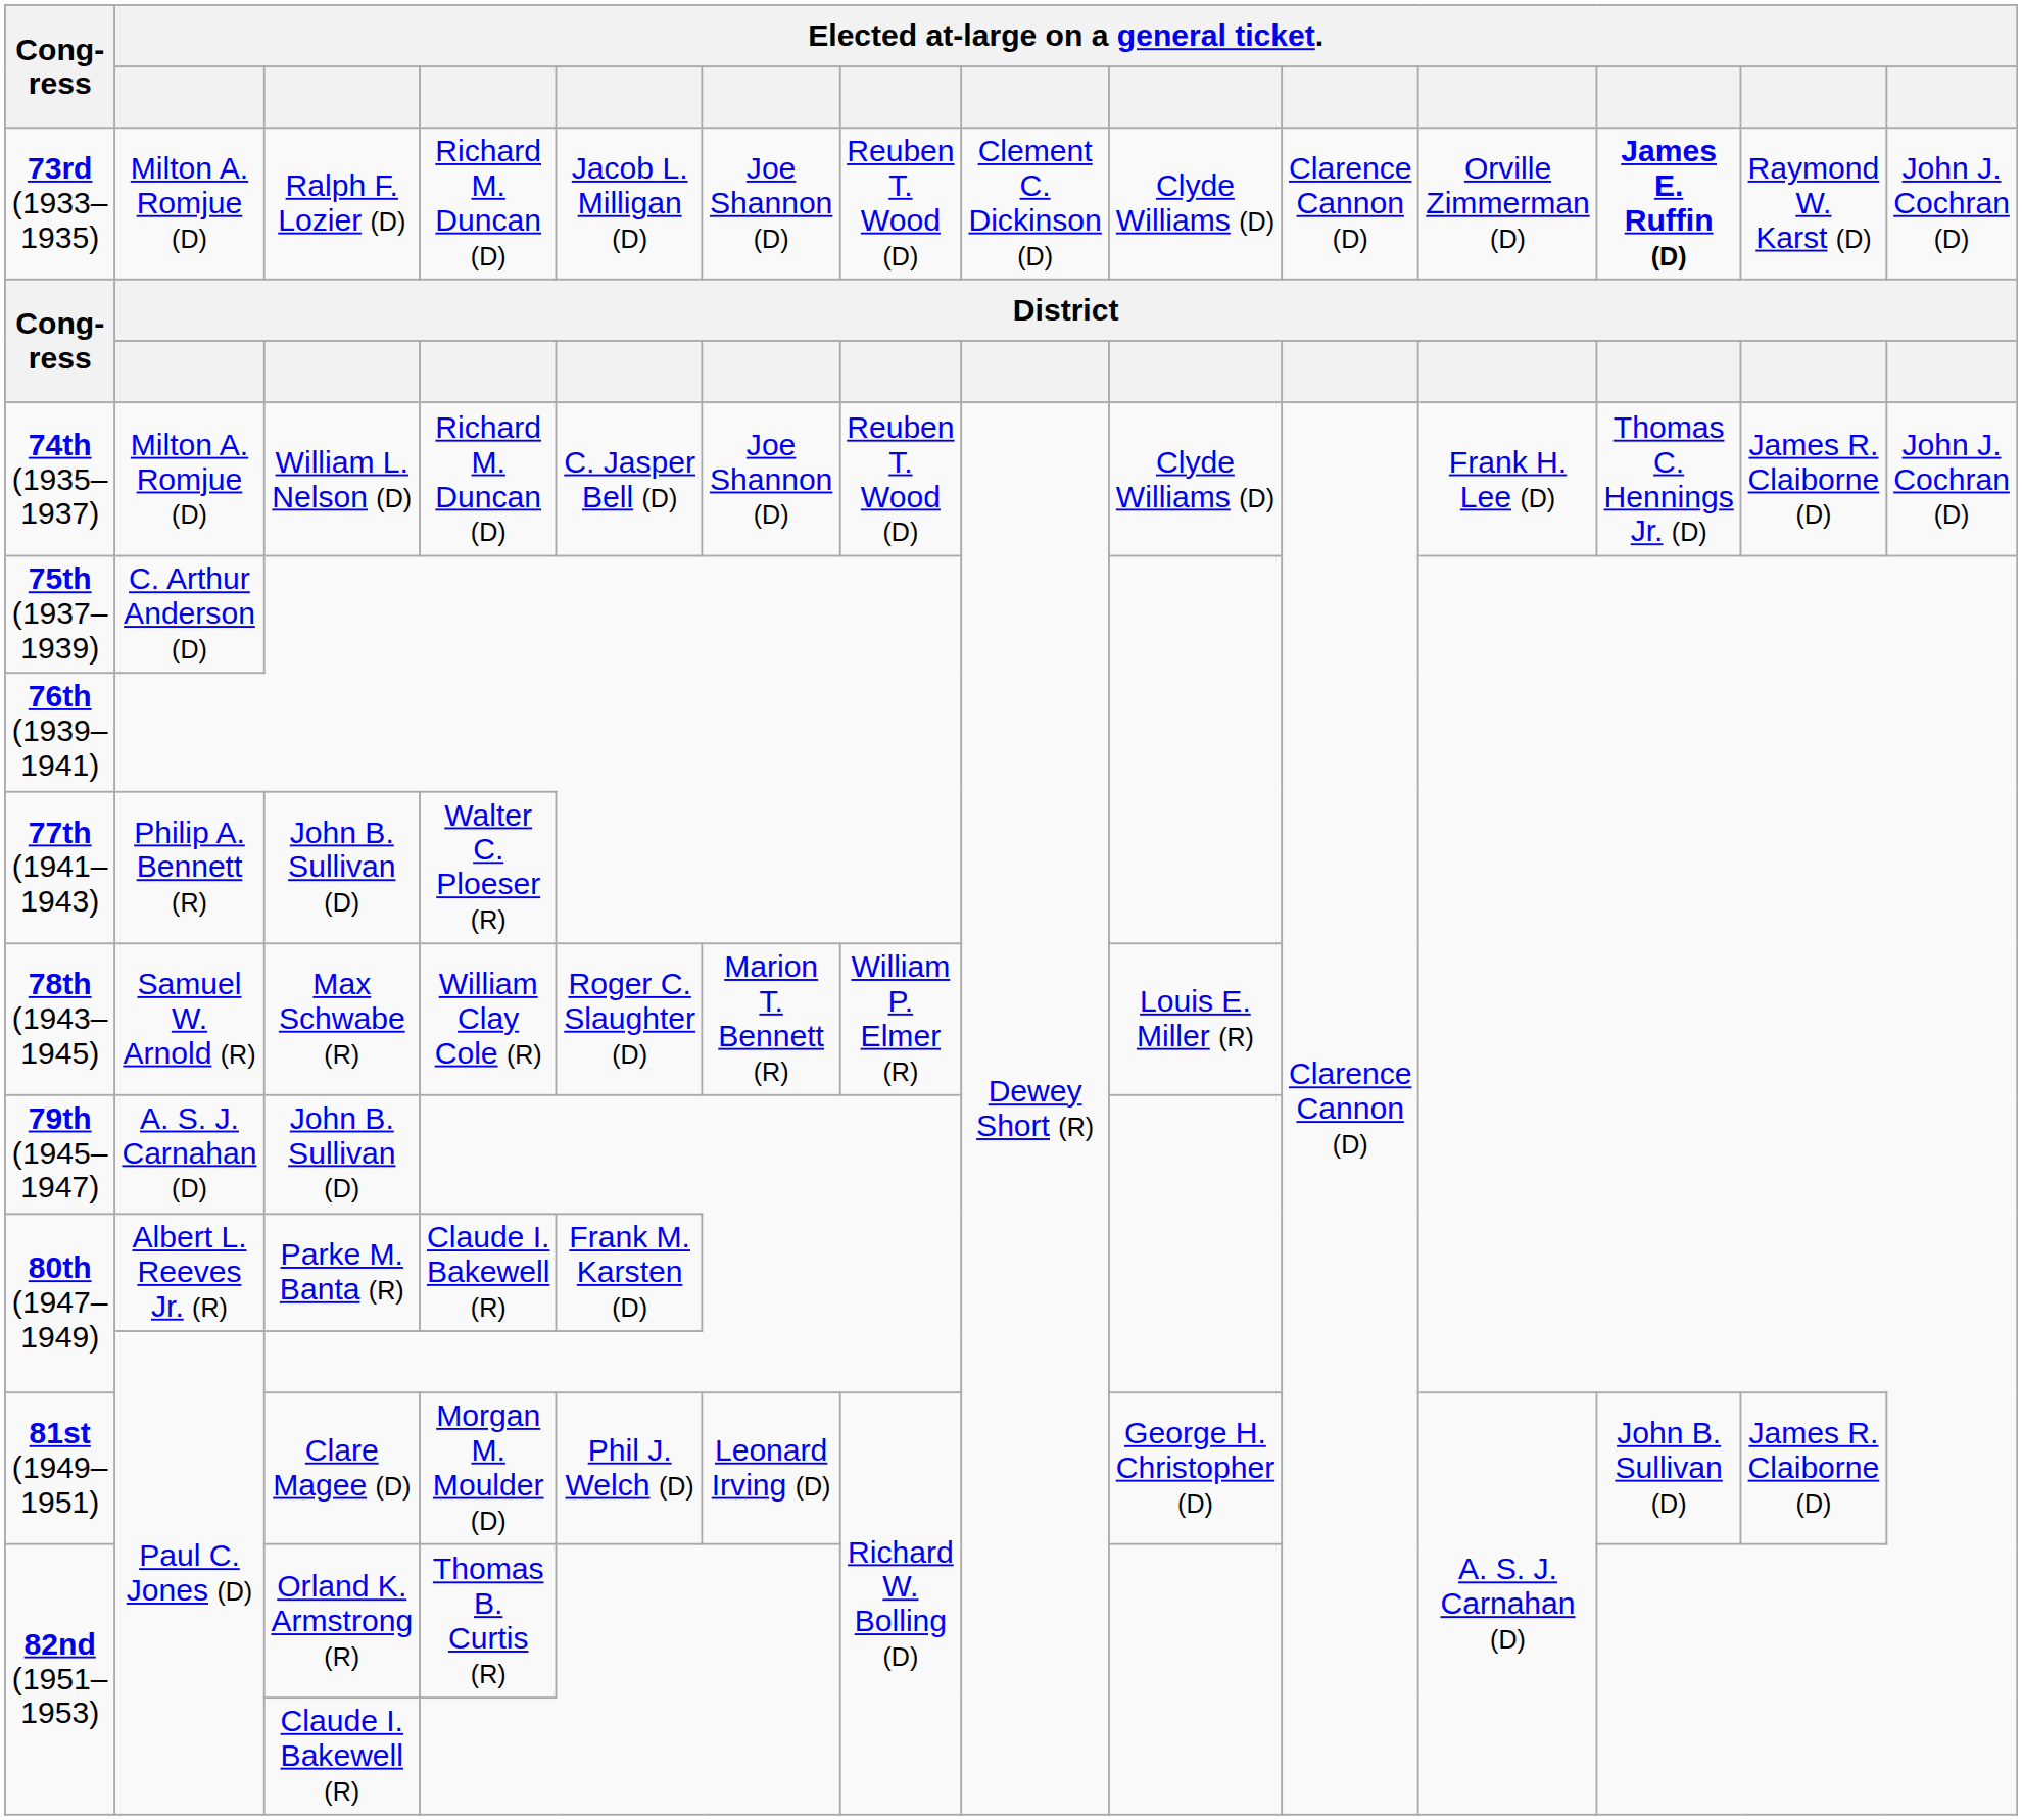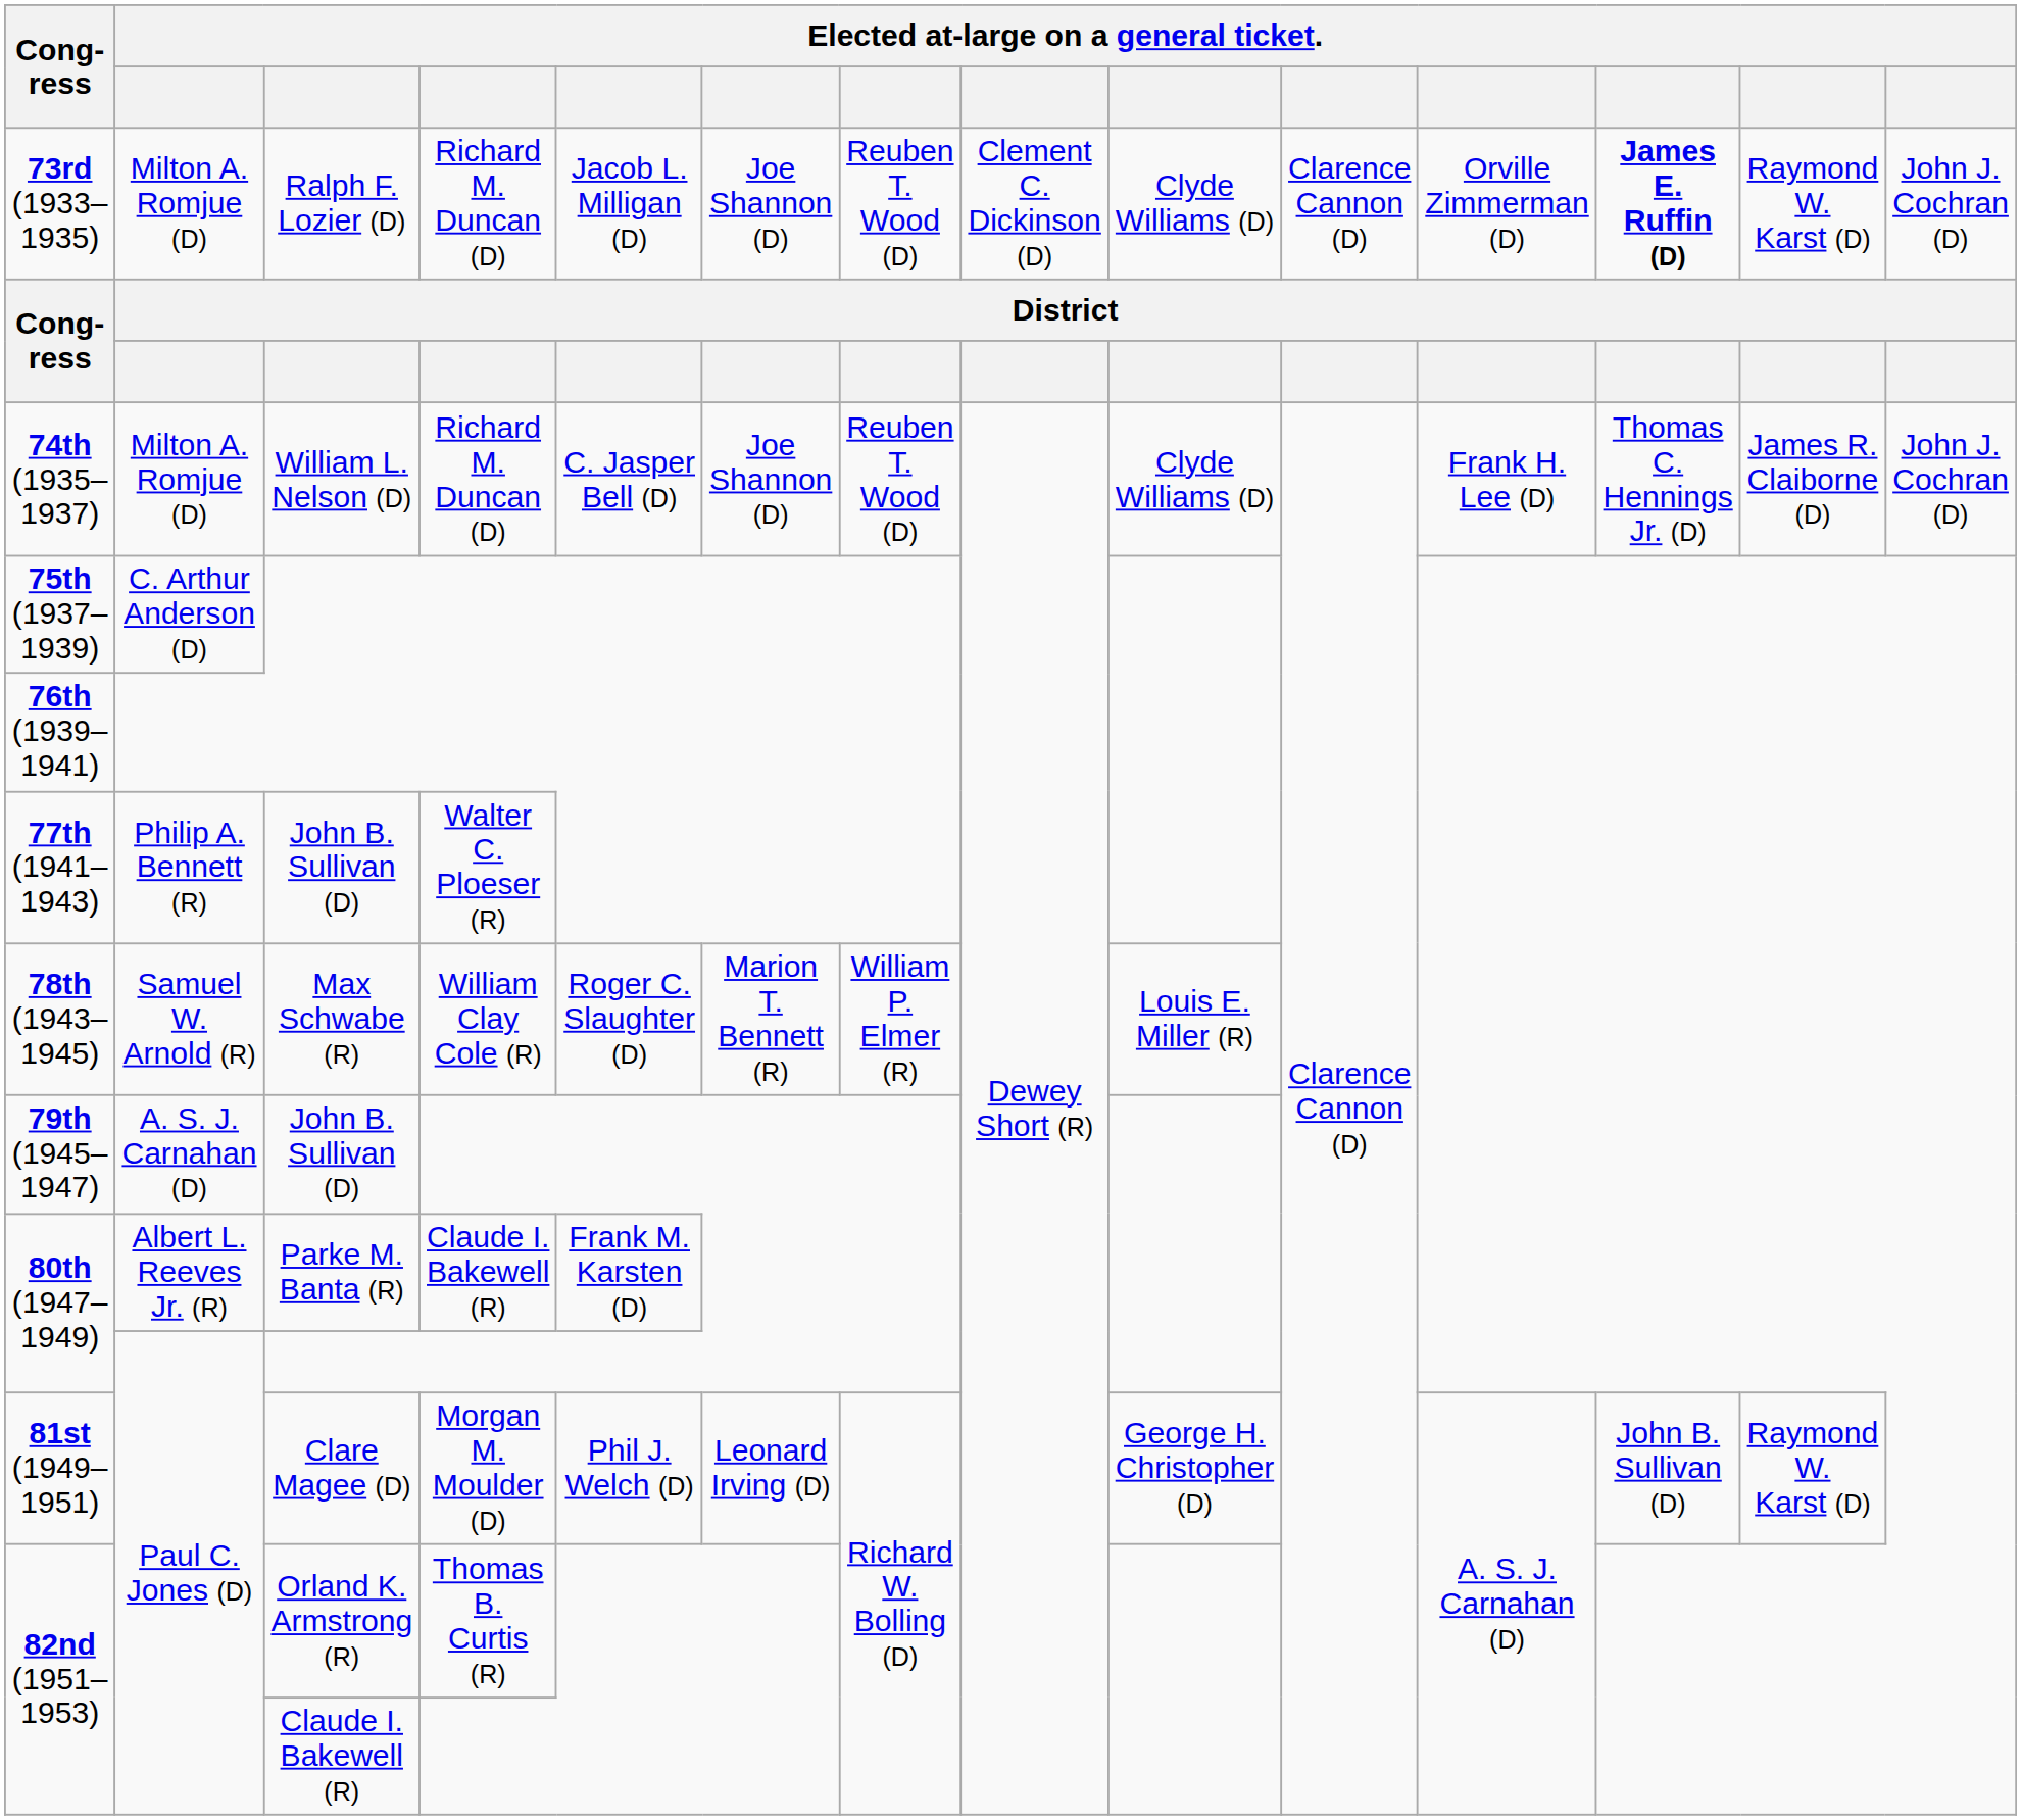 <table class=wikitable style="text-align:center">
 <tr style="height:2em">
 <th rowspan=2>Cong­ress</th>
 <th colspan=13>Elected at-large on a <a href='#'>general ticket</a>.</th>
 </tr>
 <tr style="height:2em">
 <th></th>
 <th></th>
 <th></th>
 <th></th>
 <th></th>
 <th></th>
 <th></th>
 <th></th>
 <th></th>
 <th></th>
 <th></th>
 <th></th>
 <th></th>
 </tr>
 <tr style="height:2em">
 <td><strong><a href='#'>73rd</a></strong><br>(1933–1935)</td>
 <td><a href='#'>Milton A.<br>Romjue</a> <small>(D)</small></td>
 <td><a href='#'>Ralph F.<br>Lozier</a> <small>(D)</small></td>
 <td><a href='#'>Richard M.<br>Duncan</a> <small>(D)</small></td>
 <td><a href='#'>Jacob L.<br>Milligan</a> <small>(D)</small></td>
 <td><a href='#'>Joe<br>Shannon</a> <small>(D)</small></td>
 <td><a href='#'>Reuben T.<br>Wood</a> <small>(D)</small></td>
 <td><a href='#'>Clement C.<br>Dickinson</a> <small>(D)</small></td>
 <td><a href='#'>Clyde<br>Williams</a> <small>(D)</small></td>
 <td><a href='#'>Clarence<br>Cannon</a> <small>(D)</small></td>
 <td><a href='#'>Orville<br>Zimmerman</a> <small>(D)</small></td>
 <td><strong><a href='#'>James E.<br>Ruffin</a> <small>(D)</small></strong></td>
 <td><a href='#'>Raymond W.<br>Karst</a> <small>(D)</small></td>
 <td><a href='#'>John J.<br>Cochran</a> <small>(D)</small></td>
 </tr>
 <tr style="height:2em">
 <th rowspan=2>Cong­ress</th>
 <th colspan=13>District</th>
 </tr>
 <tr style="height:2em">
 <th></th>
 <th></th>
 <th></th>
 <th></th>
 <th></th>
 <th></th>
 <th></th>
 <th></th>
 <th></th>
 <th></th>
 <th></th>
 <th></th>
 <th></th>
 </tr>
 <tr style="height:2em">
 <td><strong><a href='#'>74th</a></strong><br>(1935–1937)</td>
 <td><a href='#'>Milton A.<br>Romjue</a> <small>(D)</small></td>
 <td><a href='#'>William L.<br>Nelson</a> <small>(D)</small></td>
 <td><a href='#'>Richard M.<br>Duncan</a> <small>(D)</small></td>
 <td><a href='#'>C. Jasper<br>Bell</a> <small>(D)</small></td>
 <td><a href='#'>Joe Shannon</a> <small>(D)</small></td>
 <td><a href='#'>Reuben T.<br>Wood</a> <small>(D)</small></td>
 <td rowspan="11" ><a href='#'>Dewey<br>Short</a> <small>(R)</small></td>
 <td><a href='#'>Clyde<br>Williams</a> <small>(D)</small></td>
 <td rowspan="11" ><a href='#'>Clarence<br>Cannon</a> <small>(D)</small></td>
 <td><a href='#'>Frank H.<br>Lee</a> <small>(D)</small></td>
 <td><a href='#'>Thomas C.<br>Hennings Jr.</a> <small>(D)</small></td>
 <td><a href='#'>James R.<br>Claiborne</a> <small>(D)</small></td>
 <td><a href='#'>John J.<br>Cochran</a> <small>(D)</small></td>
 </tr>
 <tr style="height:2em">
 <td><strong><a href='#'>75th</a></strong><br>(1937–1939)</td>
 <td><a href='#'>C. Arthur<br>Anderson</a> <small>(D)</small></td>
 </tr>
 <tr style="height:2em">
 <td><strong><a href='#'>76th</a></strong><br>(1939–1941)</td>
 </tr>
 <tr style="height:2em">
 <td><strong><a href='#'>77th</a></strong><br>(1941–1943)</td>
 <td><a href='#'>Philip A.<br>Bennett</a> <small>(R)</small></td>
 <td><a href='#'>John B.<br>Sullivan</a> <small>(D)</small></td>
 <td><a href='#'>Walter C.<br>Ploeser</a> <small>(R)</small></td>
 </tr>
 <tr style="height:2em">
 <td><strong><a href='#'>78th</a></strong><br>(1943–1945)</td>
 <td><a href='#'>Samuel W.<br>Arnold</a> <small>(R)</small></td>
 <td><a href='#'>Max<br>Schwabe</a> <small>(R)</small></td>
 <td><a href='#'>William Clay<br>Cole</a> <small>(R)</small></td>
 <td><a href='#'>Roger C.<br>Slaughter</a> <small>(D)</small></td>
 <td><a href='#'>Marion T.<br>Bennett</a> <small>(R)</small></td>
 <td><a href='#'>William P.<br>Elmer</a> <small>(R)</small></td>
 <td><a href='#'>Louis E.<br>Miller</a> <small>(R)</small></td>
 </tr>
 <tr style="height:2em">
 <td><strong><a href='#'>79th</a></strong><br>(1945–1947)</td>
 <td><a href='#'>A. S. J.<br>Carnahan</a> <small>(D)</small></td>
 <td><a href='#'>John B.<br>Sullivan</a> <small>(D)</small></td>
 </tr>
 <tr style="height:2em">
 <td rowspan=2><strong><a href='#'>80th</a></strong><br>(1947–1949)</td>
 <td><a href='#'>Albert L.<br>Reeves Jr.</a> <small>(R)</small></td>
 <td><a href='#'>Parke M.<br>Banta</a> <small>(R)</small></td>
 <td><a href='#'>Claude I.<br>Bakewell</a> <small>(R)</small></td>
 <td><a href='#'>Frank M.<br>Karsten</a> <small>(D)</small></td>
 </tr>
 <tr style="height:2em">
 <td rowspan="4" ><a href='#'>Paul C.<br>Jones</a> <small>(D)</small></td>
 </tr>
 <tr style="height:2em">
 <td><strong><a href='#'>81st</a></strong><br>(1949–1951)</td>
 <td><a href='#'>Clare<br>Magee</a> <small>(D)</small></td>
 <td><a href='#'>Morgan M.<br>Moulder</a> <small>(D)</small></td>
 <td><a href='#'>Phil J.<br>Welch</a> <small>(D)</small></td>
 <td><a href='#'>Leonard<br>Irving</a> <small>(D)</small></td>
 <td rowspan="3" ><a href='#'>Richard W.<br>Bolling</a> <small>(D)</small></td>
 <td><a href='#'>George H.<br>Christopher</a> <small>(D)</small></td>
 <td rowspan="3" ><a href='#'>A. S. J.<br>Carnahan</a> <small>(D)</small></td>
 <td><a href='#'>John B.<br>Sullivan</a> <small>(D)</small></td>
-<td><a href='#'>James R.<br>Claiborne</a> <small>(D)</small></td>
+<td><a href='#'>Raymond W.<br>Karst</a> <small>(D)</small></td>
 </tr>
 <tr style="height:2em">
 <td rowspan=2><strong><a href='#'>82nd</a></strong><br>(1951–1953)</td>
 <td><a href='#'>Orland K.<br>Armstrong</a> <small>(R)</small></td>
 <td><a href='#'>Thomas B.<br>Curtis</a> <small>(R)</small></td>
 </tr>
 <tr style="height:2em">
 <td><a href='#'>Claude I.<br>Bakewell</a> <small>(R)</small></td>
 </tr>
 </table>
